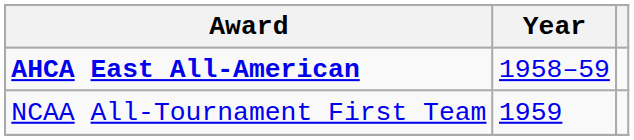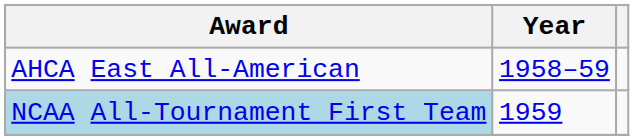 <table class="wikitable">
 <tr>
 <th>Award</th>
 <th>Year</th>
 <th></th>
 </tr>
 <tr>
-<td><strong><a href='#'>AHCA</a> <a href='#'>East All-American</a></strong></td>
+<td><a href='#'>AHCA</a> <a href='#'>East All-American</a></td>
 <td><a href='#'>1958–59</a></td>
 <td></td>
 </tr>
 <tr>
-<td><a href='#'>NCAA</a> <a href='#'>All-Tournament First Team</a></td>
+<td style="background: lightblue;"><a href='#'>NCAA</a> <a href='#'>All-Tournament First Team</a></td>
 <td><a href='#'>1959</a></td>
 <td></td>
 </tr>
 <tr>
 </tr>
 </table>
